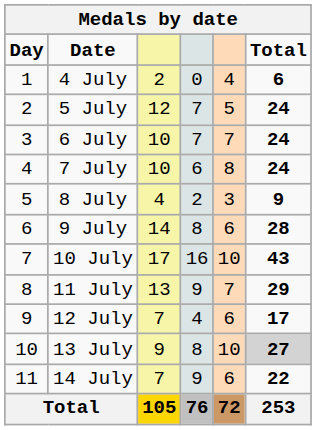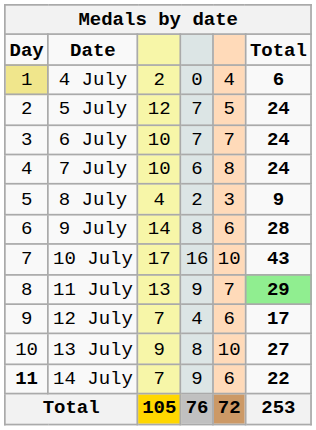 <table class="wikitable" style="font-size:85%; text-align:center">
 <tr style="background:#efefef;">
 <th colspan=6><strong>Medals by date</strong></th>
 </tr>
 <tr>
 <td><strong>Day</strong></td>
 <td><strong>Date</strong></td>
 <td style="background:#F7F6A8;"></td>
 <td style="background:#DCE5E5;"></td>
 <td style="background:#FFDAB9;"></td>
 <td><strong>Total</strong></td>
 </tr>
 <tr>
-<td>1</td>
+<td style="background: khaki;">1</td>
 <td>4 July</td>
 <td style="background:#F7F6A8;">2</td>
 <td style="background:#DCE5E5;">0</td>
 <td style="background:#FFDAB9;">4</td>
 <td><strong>6</strong></td>
 </tr>
 <tr>
 <td>2</td>
 <td>5 July</td>
 <td style="background:#F7F6A8;">12</td>
 <td style="background:#DCE5E5;">7</td>
 <td style="background:#FFDAB9;">5</td>
 <td><strong>24</strong></td>
 </tr>
 <tr>
 <td>3</td>
 <td>6 July</td>
 <td style="background:#F7F6A8;">10</td>
 <td style="background:#DCE5E5;">7</td>
 <td style="background:#FFDAB9;">7</td>
 <td><strong>24</strong></td>
 </tr>
 <tr>
 <td>4</td>
 <td>7 July</td>
 <td style="background:#F7F6A8;">10</td>
 <td style="background:#DCE5E5;">6</td>
 <td style="background:#FFDAB9;">8</td>
 <td><strong>24</strong></td>
 </tr>
 <tr>
 <td>5</td>
 <td>8 July</td>
 <td style="background:#F7F6A8;">4</td>
 <td style="background:#DCE5E5;">2</td>
 <td style="background:#FFDAB9;">3</td>
 <td><strong>9</strong></td>
 </tr>
 <tr>
 <td>6</td>
 <td>9 July</td>
 <td style="background:#F7F6A8;">14</td>
 <td style="background:#DCE5E5;">8</td>
 <td style="background:#FFDAB9;">6</td>
 <td><strong>28</strong></td>
 </tr>
 <tr>
 <td>7</td>
 <td>10 July</td>
 <td style="background:#F7F6A8;">17</td>
 <td style="background:#DCE5E5;">16</td>
 <td style="background:#FFDAB9;">10</td>
 <td><strong>43</strong></td>
 </tr>
 <tr>
 <td>8</td>
 <td>11 July</td>
 <td style="background:#F7F6A8;">13</td>
 <td style="background:#DCE5E5;">9</td>
 <td style="background:#FFDAB9;">7</td>
-<td><strong>29</strong></td>
+<td style="background: lightgreen;"><strong>29</strong></td>
 </tr>
 <tr>
 <td>9</td>
 <td>12 July</td>
 <td style="background:#F7F6A8;">7</td>
 <td style="background:#DCE5E5;">4</td>
 <td style="background:#FFDAB9;">6</td>
 <td><strong>17</strong></td>
 </tr>
 <tr>
 <td>10</td>
 <td>13 July</td>
 <td style="background:#F7F6A8;">9</td>
 <td style="background:#DCE5E5;">8</td>
 <td style="background:#FFDAB9;">10</td>
-<td style="background: lightgrey;"><strong>27</strong></td>
+<td><strong>27</strong></td>
 </tr>
 <tr>
-<td>11</td>
+<td><strong>11</strong></td>
 <td>14 July</td>
 <td style="background:#F7F6A8;">7</td>
 <td style="background:#DCE5E5;">9</td>
 <td style="background:#FFDAB9;">6</td>
 <td><strong>22</strong></td>
 </tr>
 <tr>
 <th colspan="2">Total</th>
 <th style=background:gold>105</th>
 <th style=background:silver>76</th>
 <th style=background:#c96>72</th>
 <th>253</th>
 </tr>
 </table>
